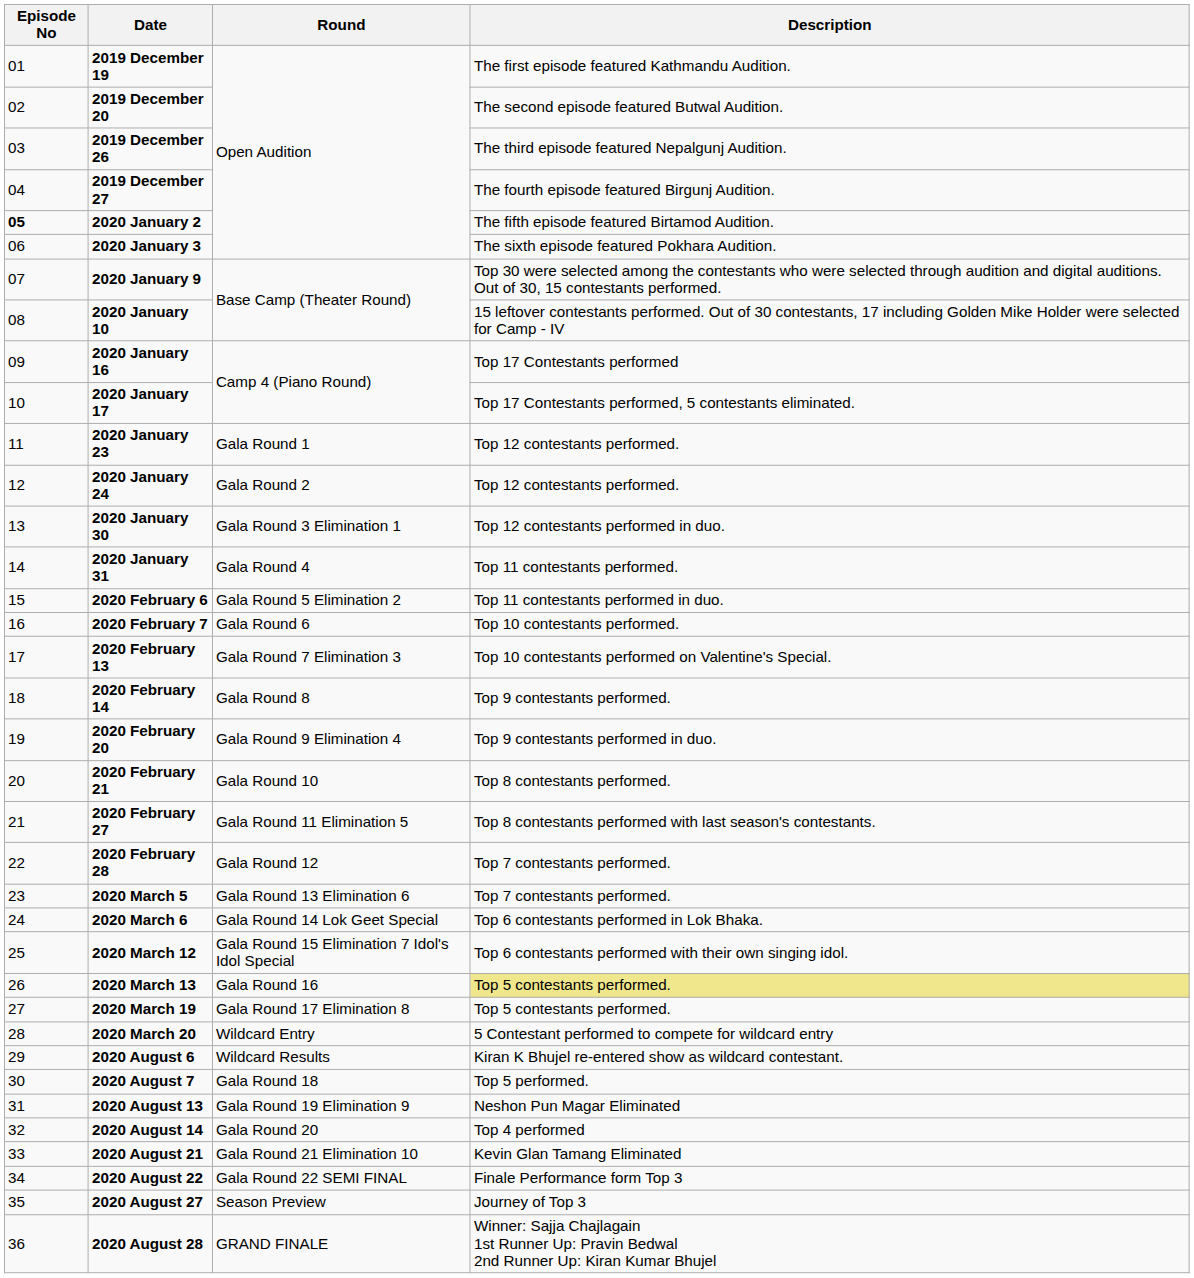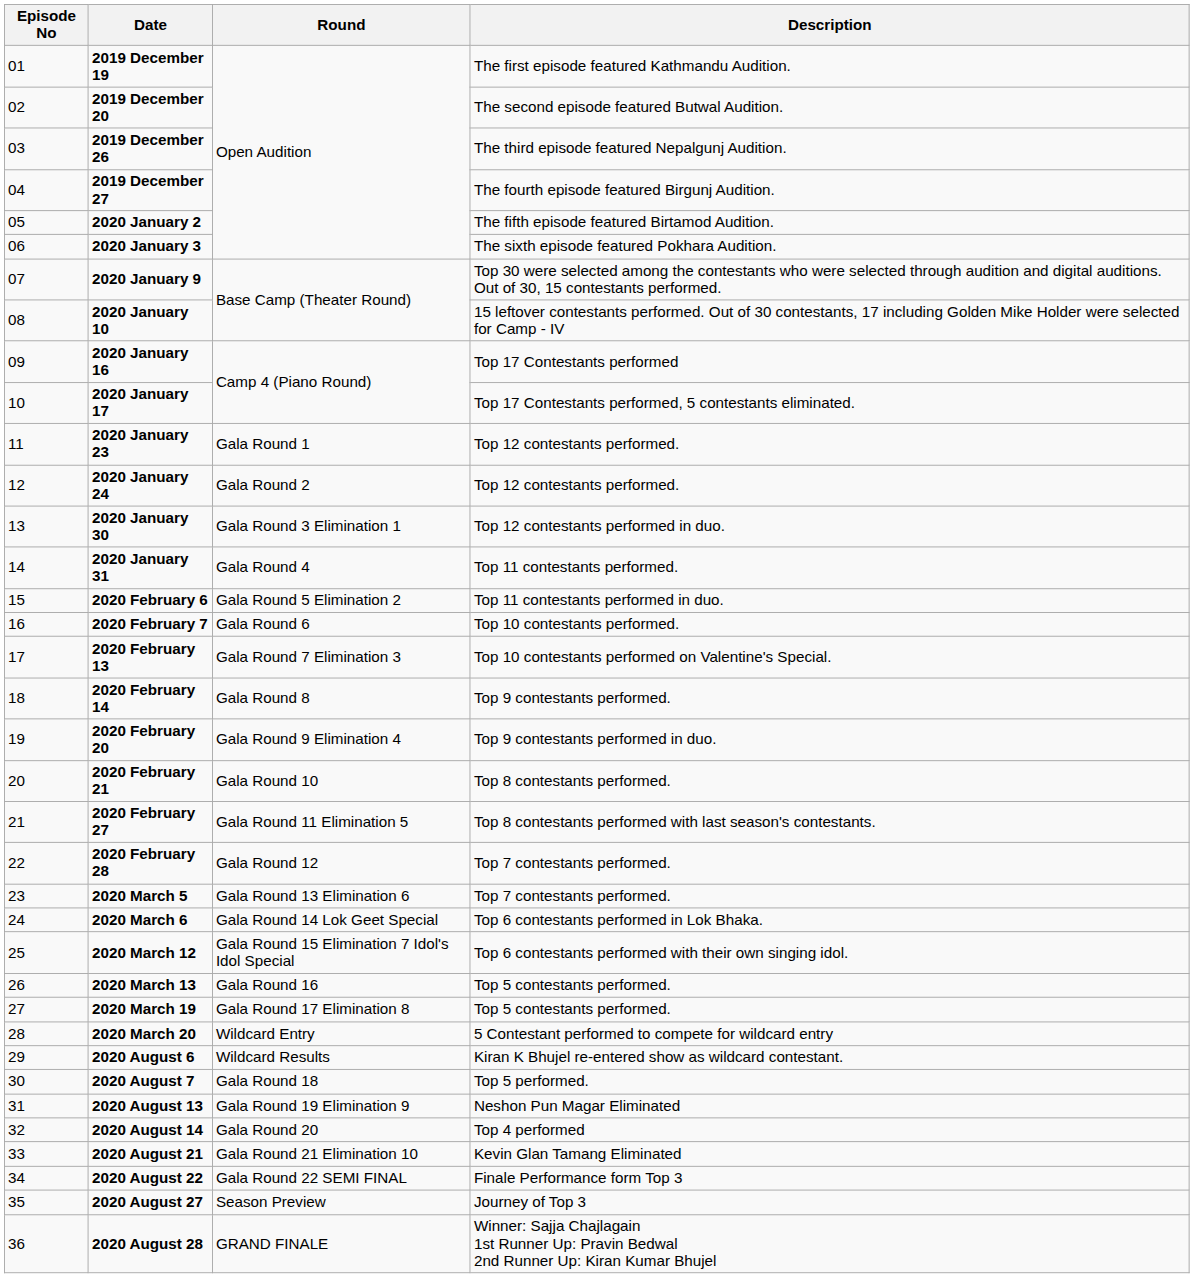 <table class="wikitable">
 <tr>
 <th>Episode No</th>
 <th>Date</th>
 <th>Round</th>
 <th>Description</th>
 </tr>
 <tr>
 <td>01</td>
 <td><strong>2019 December 19</strong></td>
 <td rowspan="6">Open Audition</td>
 <td>The first episode featured Kathmandu Audition.</td>
 </tr>
 <tr>
 <td>02</td>
 <td><strong>2019 December 20</strong></td>
 <td>The second episode featured Butwal Audition.</td>
 </tr>
 <tr>
 <td>03</td>
 <td><strong>2019 December 26</strong></td>
 <td>The third episode featured Nepalgunj Audition.</td>
 </tr>
 <tr>
 <td>04</td>
 <td><strong>2019 December 27</strong></td>
 <td>The fourth episode featured Birgunj Audition.</td>
 </tr>
 <tr>
-<td><strong>05</strong></td>
+<td>05</td>
 <td><strong>2020 January 2</strong></td>
 <td>The fifth episode featured Birtamod Audition.</td>
 </tr>
 <tr>
 <td>06</td>
 <td><strong>2020 January 3</strong></td>
 <td>The sixth episode featured Pokhara Audition.</td>
 </tr>
 <tr>
 <td>07</td>
 <td><strong>2020 January 9</strong></td>
 <td rowspan="2">Base Camp (Theater Round)</td>
 <td>Top 30 were selected among the contestants who were selected through audition and digital auditions. Out of 30, 15 contestants performed.</td>
 </tr>
 <tr>
 <td>08</td>
 <td><strong>2020 January 10</strong></td>
 <td>15 leftover contestants performed. Out of 30 contestants, 17 including Golden Mike Holder were selected for Camp - IV</td>
 </tr>
 <tr>
 <td>09</td>
 <td><strong>2020 January 16</strong></td>
 <td rowspan="2">Camp 4 (Piano Round)</td>
 <td>Top 17 Contestants performed</td>
 </tr>
 <tr>
 <td>10</td>
 <td><strong>2020 January 17</strong></td>
 <td>Top 17 Contestants performed, 5 contestants eliminated.</td>
 </tr>
 <tr>
 <td>11</td>
 <td><strong>2020 January 23</strong></td>
 <td>Gala Round 1</td>
 <td>Top 12 contestants performed.</td>
 </tr>
 <tr>
 <td>12</td>
 <td><strong>2020 January 24</strong></td>
 <td>Gala Round 2</td>
 <td>Top 12 contestants performed.</td>
 </tr>
 <tr>
 <td>13</td>
 <td><strong>2020 January 30</strong></td>
 <td>Gala Round 3 Elimination 1</td>
 <td>Top 12 contestants performed in duo.</td>
 </tr>
 <tr>
 <td>14</td>
 <td><strong>2020 January 31</strong></td>
 <td>Gala Round 4</td>
 <td>Top 11 contestants performed.</td>
 </tr>
 <tr>
 <td>15</td>
 <td><strong>2020 February 6</strong></td>
 <td>Gala Round 5 Elimination 2</td>
 <td>Top 11 contestants performed in duo.</td>
 </tr>
 <tr>
 <td>16</td>
 <td><strong>2020 February 7</strong></td>
 <td>Gala Round 6</td>
 <td>Top 10 contestants performed.</td>
 </tr>
 <tr>
 <td>17</td>
 <td><strong>2020 February 13</strong></td>
 <td>Gala Round 7 Elimination 3</td>
 <td>Top 10 contestants performed on Valentine's Special.</td>
 </tr>
 <tr>
 <td>18</td>
 <td><strong>2020 February 14</strong></td>
 <td>Gala Round 8</td>
 <td>Top 9 contestants performed.</td>
 </tr>
 <tr>
 <td>19</td>
 <td><strong>2020 February 20</strong></td>
 <td>Gala Round 9 Elimination 4</td>
 <td>Top 9 contestants performed in duo.</td>
 </tr>
 <tr>
 <td>20</td>
 <td><strong>2020 February 21</strong></td>
 <td>Gala Round 10</td>
 <td>Top 8 contestants performed.</td>
 </tr>
 <tr>
 <td>21</td>
 <td><strong>2020 February 27</strong></td>
 <td>Gala Round 11 Elimination 5</td>
 <td>Top 8 contestants performed with last season's contestants.</td>
 </tr>
 <tr>
 <td>22</td>
 <td><strong>2020 February 28</strong></td>
 <td>Gala Round 12</td>
 <td>Top 7 contestants performed.</td>
 </tr>
 <tr>
 <td>23</td>
 <td><strong>2020 March 5</strong></td>
 <td>Gala Round 13 Elimination 6</td>
 <td>Top 7 contestants performed.</td>
 </tr>
 <tr>
 <td>24</td>
 <td><strong>2020 March 6</strong></td>
 <td>Gala Round 14 Lok Geet Special</td>
 <td>Top 6 contestants performed in Lok Bhaka.</td>
 </tr>
 <tr>
 <td>25</td>
 <td><strong>2020 March 12</strong></td>
 <td>Gala Round 15 Elimination 7 Idol's Idol Special</td>
 <td>Top 6 contestants performed with their own singing idol.</td>
 </tr>
 <tr>
 <td>26</td>
 <td><strong>2020 March 13</strong></td>
 <td>Gala Round 16</td>
-<td style="background: khaki;">Top 5 contestants performed.</td>
+<td>Top 5 contestants performed.</td>
 </tr>
 <tr>
 <td>27</td>
 <td><strong>2020 March 19</strong></td>
 <td>Gala Round 17 Elimination 8</td>
 <td>Top 5 contestants performed.</td>
 </tr>
 <tr>
 <td>28</td>
 <td><strong>2020 March 20</strong></td>
 <td>Wildcard Entry</td>
 <td>5 Contestant performed to compete for wildcard entry</td>
 </tr>
 <tr>
 <td>29</td>
 <td><strong>2020 August 6</strong></td>
 <td>Wildcard Results</td>
 <td>Kiran K Bhujel re-entered show as wildcard contestant.</td>
 </tr>
 <tr>
 <td>30</td>
 <td><strong>2020 August 7</strong></td>
 <td>Gala Round 18</td>
 <td>Top 5 performed.</td>
 </tr>
 <tr>
 <td>31</td>
 <td><strong>2020 August 13</strong></td>
 <td>Gala Round 19 Elimination 9</td>
 <td>Neshon Pun Magar Eliminated</td>
 </tr>
 <tr>
 <td>32</td>
 <td><strong>2020 August 14</strong></td>
 <td>Gala Round 20</td>
 <td>Top 4 performed</td>
 </tr>
 <tr>
 <td>33</td>
 <td><strong>2020 August 21</strong></td>
 <td>Gala Round 21 Elimination 10</td>
 <td>Kevin Glan Tamang Eliminated</td>
 </tr>
 <tr>
 <td>34</td>
 <td><strong>2020 August 22</strong></td>
 <td>Gala Round 22 SEMI FINAL</td>
 <td>Finale Performance form Top 3</td>
 </tr>
 <tr>
 <td>35</td>
 <td><strong>2020 August 27</strong></td>
 <td>Season Preview</td>
 <td>Journey of Top 3</td>
 </tr>
 <tr>
 <td>36</td>
 <td><strong>2020 August 28</strong></td>
 <td>GRAND FINALE</td>
 <td>Winner: Sajja Chajlagain<br>1st Runner Up: Pravin Bedwal<br>2nd Runner Up: Kiran Kumar Bhujel</td>
 </tr>
 </table>
